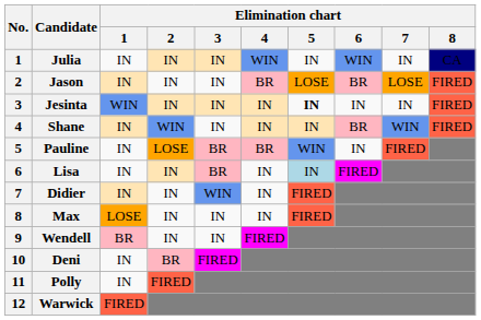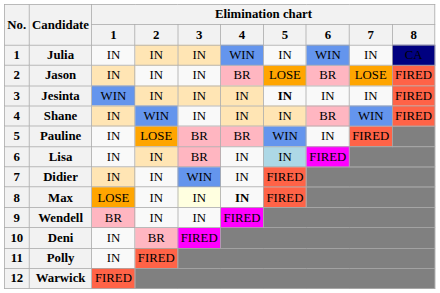 <table class="wikitable" style="text-align:center">
 <tr>
 <th rowspan=2>No.</th>
 <th rowspan=2>Candidate</th>
 <th colspan="16">Elimination chart</th>
 </tr>
 <tr>
 <th>1</th>
 <th>2</th>
 <th>3</th>
 <th>4</th>
 <th>5</th>
 <th>6</th>
 <th>7</th>
 <th>8</th>
 </tr>
 <tr>
 <th>1</th>
 <th>Julia</th>
 <td>IN</td>
 <td style="background:#FFE5B4;">IN</td>
 <td style="background:#FFE5B4;">IN</td>
 <td style="background:cornflowerblue;">WIN</td>
 <td>IN</td>
 <td style="background:cornflowerblue;">WIN</td>
 <td>IN</td>
 <td style="background:navy;"><span> CA </span></td>
 </tr>
 <tr>
 <th>2</th>
 <th>Jason</th>
 <td style="background:#FFE5B4;">IN</td>
 <td>IN</td>
 <td>IN</td>
 <td style="background:lightpink;">BR</td>
 <td style="background:orange;">LOSE</td>
 <td style="background:lightpink;">BR</td>
 <td style="background:orange;">LOSE</td>
 <td style="background:tomato;">FIRED</td>
 </tr>
 <tr>
 <th>3</th>
 <th>Jesinta</th>
 <td style="background:cornflowerblue;">WIN</td>
 <td style="background:#FFE5B4;">IN</td>
 <td style="background:#FFE5B4;">IN</td>
 <td style="background:#FFE5B4;">IN</td>
 <td><strong>IN</strong></td>
 <td>IN</td>
 <td>IN</td>
 <td style="background:tomato;">FIRED</td>
 </tr>
 <tr>
 <th>4</th>
 <th>Shane</th>
 <td style="background:#FFE5B4;">IN</td>
 <td style="background:cornflowerblue;">WIN</td>
 <td>IN</td>
 <td style="background:#FFE5B4;">IN</td>
 <td style="background:#FFE5B4;">IN</td>
 <td style="background:lightpink;">BR</td>
 <td style="background:cornflowerblue;">WIN</td>
 <td style="background:tomato;">FIRED</td>
 </tr>
 <tr>
 <th>5</th>
 <th>Pauline</th>
 <td>IN</td>
 <td style="background:orange;">LOSE</td>
 <td style="background:lightpink;">BR</td>
 <td style="background:lightpink;">BR</td>
 <td style="background:cornflowerblue;">WIN</td>
 <td>IN</td>
 <td style="background:tomato;">FIRED</td>
 <td colspan="2" style="background:gray;"></td>
 </tr>
 <tr>
 <th>6</th>
 <th>Lisa</th>
 <td>IN</td>
 <td style="background:#FFE5B4;">IN</td>
 <td style="background:lightpink;">BR</td>
 <td>IN</td>
 <td style="background:lightblue;">IN</td>
 <td style="background:magenta;">FIRED</td>
 <td colspan="3" style="background:gray;"></td>
 </tr>
 <tr>
 <th>7</th>
 <th>Didier</th>
 <td style="background:#FFE5B4;">IN</td>
 <td>IN</td>
 <td style="background:cornflowerblue;">WIN</td>
 <td>IN</td>
 <td style="background:tomato;">FIRED</td>
 <td colspan="4" style="background:gray;"></td>
 </tr>
 <tr>
 <th>8</th>
 <th>Max</th>
 <td style="background:orange;">LOSE</td>
 <td>IN</td>
-<td>IN</td>
-<td>IN</td>
+<td style="background: lightyellow;">IN</td>
+<td><strong>IN</strong></td>
 <td style="background:tomato;">FIRED</td>
 <td colspan="4" style="background:gray;"></td>
 </tr>
 <tr>
 <th>9</th>
 <th>Wendell</th>
 <td style="background:lightpink;">BR</td>
 <td>IN</td>
 <td>IN</td>
 <td style="background:magenta;">FIRED</td>
 <td colspan="5" style="background:gray;"></td>
 </tr>
 <tr>
 <th>10</th>
 <th>Deni</th>
 <td>IN</td>
 <td style="background:lightpink;">BR</td>
 <td style="background:magenta;">FIRED</td>
 <td colspan="6" style="background:gray;"></td>
 </tr>
 <tr>
 <th>11</th>
 <th>Polly</th>
 <td>IN</td>
 <td style="background:tomato;">FIRED</td>
 <td colspan="7" style="background:gray;"></td>
 </tr>
 <tr>
 <th>12</th>
 <th>Warwick</th>
 <td style="background:tomato;">FIRED</td>
 <td colspan="8" style="background:gray;"></td>
 </tr>
 </table>
